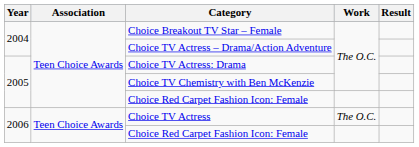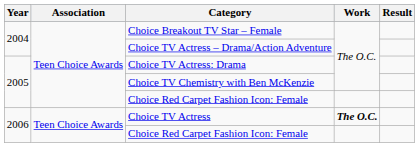 <table class="wikitable">
 <tr style="background:#b0c4de; text-align:center;">
 <th>Year</th>
 <th>Association</th>
 <th>Category</th>
 <th>Work</th>
 <th>Result</th>
 </tr>
 <tr>
 <td rowspan="2">2004</td>
 <td rowspan="5"><a href='#'>Teen Choice Awards</a></td>
 <td><a href='#'>Choice Breakout TV Star – Female</a></td>
 <td rowspan=4><em>The O.C.</em></td>
 <td></td>
 </tr>
 <tr>
 <td><a href='#'>Choice TV Actress – Drama/Action Adventure</a></td>
 <td></td>
 </tr>
 <tr>
 <td rowspan="3">2005</td>
 <td><a href='#'>Choice TV Actress: Drama</a></td>
 <td></td>
 </tr>
 <tr>
 <td><a href='#'>Choice TV Chemistry with Ben McKenzie</a></td>
 <td></td>
 </tr>
 <tr>
 <td><a href='#'>Choice Red Carpet Fashion Icon: Female</a></td>
 <td></td>
 <td></td>
 </tr>
 <tr>
 <td rowspan="2">2006</td>
 <td rowspan="2"><a href='#'>Teen Choice Awards</a></td>
 <td><a href='#'>Choice TV Actress</a></td>
-<td><em>The O.C.</em></td>
+<td><strong><em>The O.C.</em></strong></td>
 <td></td>
 </tr>
 <tr>
 <td><a href='#'>Choice Red Carpet Fashion Icon: Female</a></td>
 <td></td>
 <td></td>
 </tr>
 </table>
